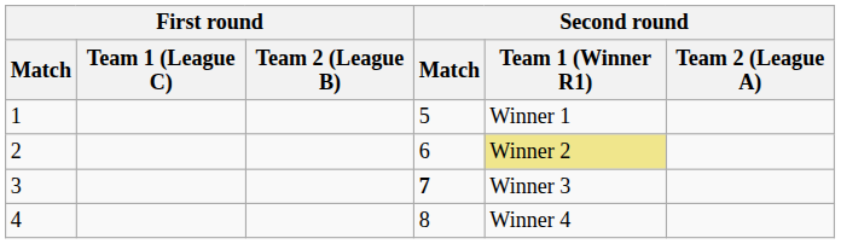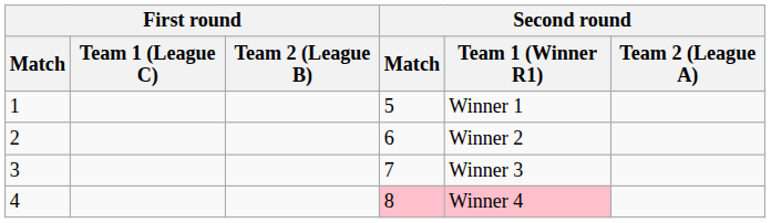 <table class="wikitable">
 <tr>
 <th colspan=3>First round</th>
 <th colspan=3>Second round</th>
 </tr>
 <tr>
 <th>Match</th>
 <th>Team 1 (League C)</th>
 <th>Team 2 (League B)</th>
 <th>Match</th>
 <th>Team 1 (Winner R1)</th>
 <th>Team 2 (League A)</th>
 </tr>
 <tr>
 <td>1</td>
 <td></td>
 <td></td>
 <td>5</td>
 <td>Winner 1</td>
 <td></td>
 </tr>
 <tr>
 <td>2</td>
 <td></td>
 <td></td>
 <td>6</td>
-<td style="background: khaki;">Winner 2</td>
+<td>Winner 2</td>
 <td></td>
 </tr>
 <tr>
 <td>3</td>
 <td></td>
 <td></td>
-<td><strong>7</strong></td>
+<td>7</td>
 <td>Winner 3</td>
 <td></td>
 </tr>
 <tr>
 <td>4</td>
 <td></td>
 <td></td>
-<td>8</td>
-<td>Winner 4</td>
+<td style="background: pink;">8</td>
+<td style="background: pink;">Winner 4</td>
 <td></td>
 </tr>
 </table>
